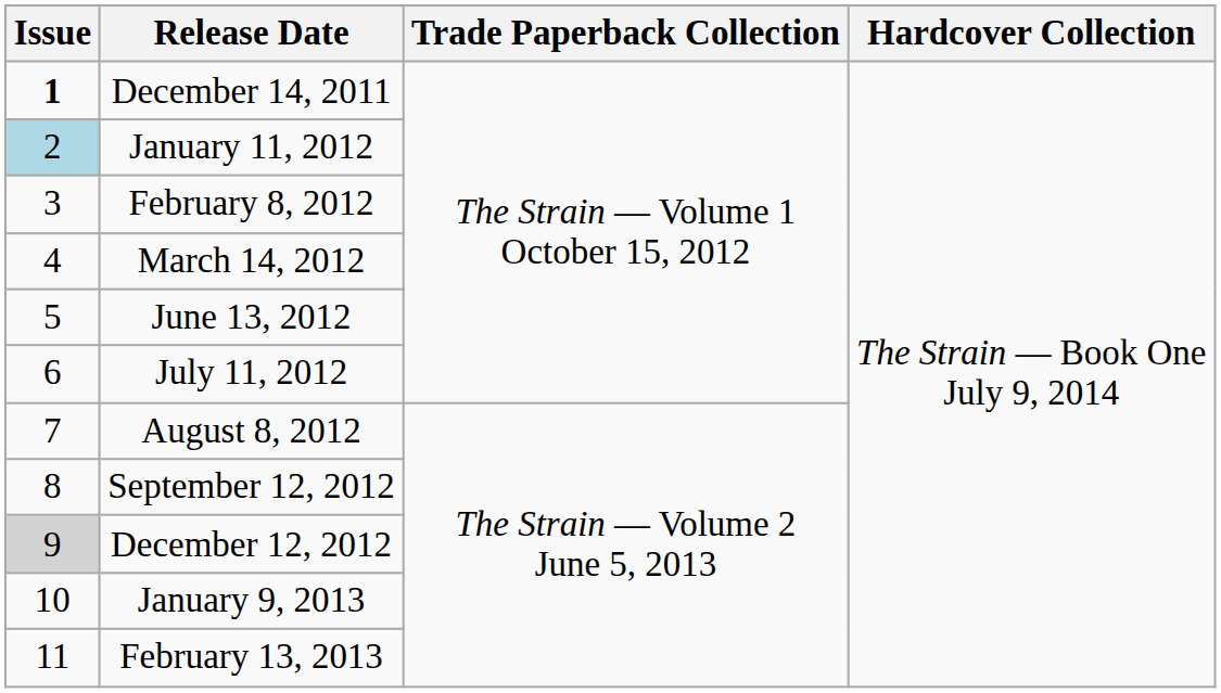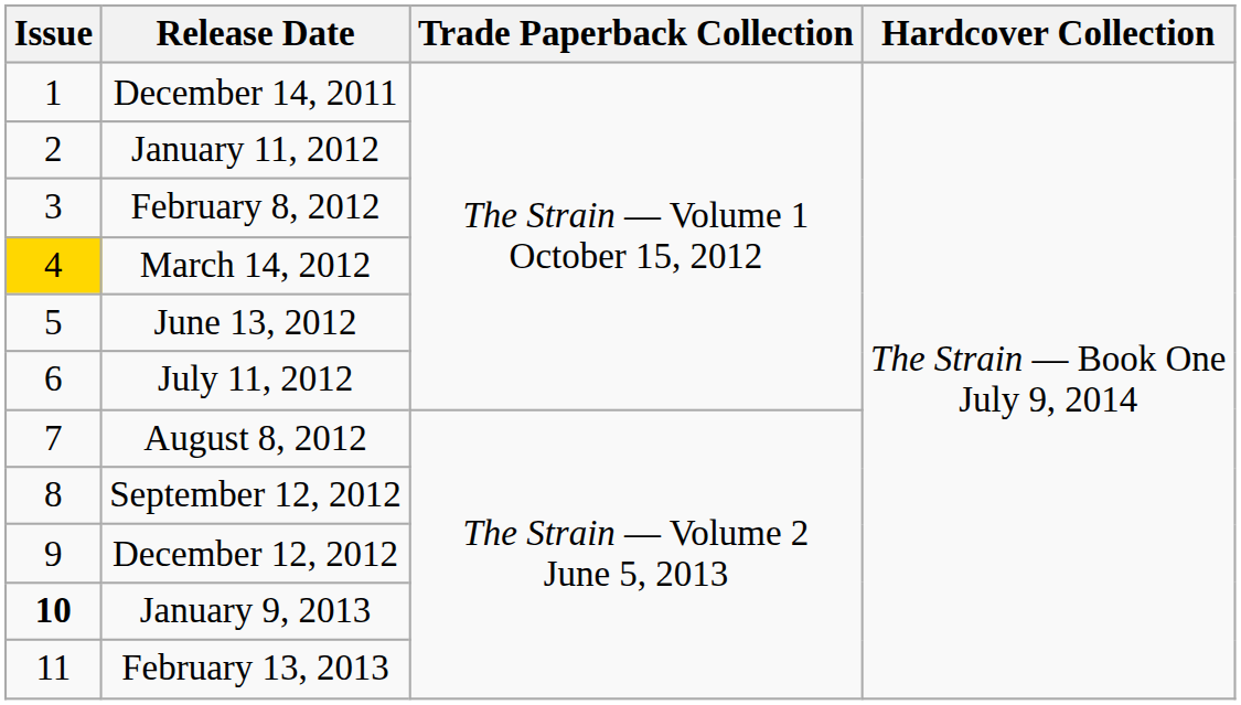 <table class="wikitable" style="text-align: center">
 <tr>
 <th>Issue</th>
 <th>Release Date</th>
 <th>Trade Paperback Collection</th>
 <th>Hardcover Collection</th>
 </tr>
 <tr>
-<td><strong>1</strong></td>
+<td>1</td>
 <td>December 14, 2011</td>
 <td rowspan=6><em>The Strain</em> — Volume 1<br>October 15, 2012<br></td>
 <td rowspan=11><em>The Strain</em> — Book One<br>July 9, 2014<br></td>
 </tr>
 <tr>
-<td style="background: lightblue;">2</td>
+<td>2</td>
 <td>January 11, 2012</td>
 </tr>
 <tr>
 <td>3</td>
 <td>February 8, 2012</td>
 </tr>
 <tr>
-<td>4</td>
+<td style="background: gold;">4</td>
 <td>March 14, 2012</td>
 </tr>
 <tr>
 <td>5</td>
 <td>June 13, 2012</td>
 </tr>
 <tr>
 <td>6</td>
 <td>July 11, 2012</td>
 </tr>
 <tr>
 <td>7</td>
 <td>August 8, 2012</td>
 <td rowspan=5><em>The Strain</em> — Volume 2<br>June 5, 2013<br></td>
 </tr>
 <tr>
 <td>8</td>
 <td>September 12, 2012</td>
 </tr>
 <tr>
-<td style="background: lightgrey;">9</td>
+<td>9</td>
 <td>December 12, 2012</td>
 </tr>
 <tr>
-<td>10</td>
+<td><strong>10</strong></td>
 <td>January 9, 2013</td>
 </tr>
 <tr>
 <td>11</td>
 <td>February 13, 2013</td>
 </tr>
 </table>
